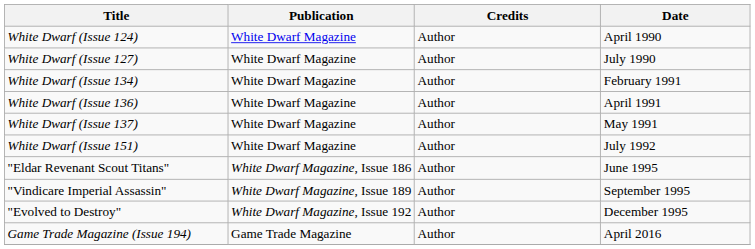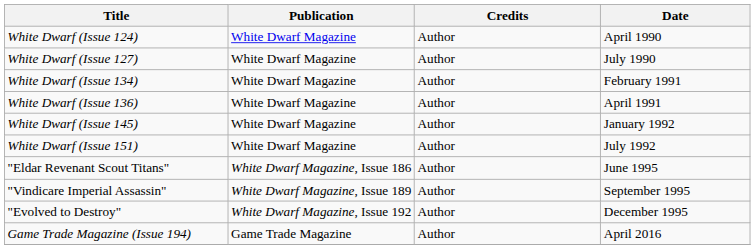 <table class="wikitable sortable" style="margins:auto; width=95%; font-size: 95%;">
 <tr>
 <th width="30%">Title</th>
 <th width="25%">Publication</th>
 <th width="25%">Credits</th>
 <th width="20%">Date</th>
 </tr>
 <tr>
 <td><em>White Dwarf (Issue 124)</em></td>
 <td><a href='#'>White Dwarf Magazine</a></td>
 <td>Author</td>
 <td>April 1990</td>
 </tr>
 <tr>
 <td><em>White Dwarf (Issue 127)</em></td>
 <td>White Dwarf Magazine</td>
 <td>Author</td>
 <td>July 1990</td>
 </tr>
 <tr>
 <td><em>White Dwarf (Issue 134)</em></td>
 <td>White Dwarf Magazine</td>
 <td>Author</td>
 <td>February 1991</td>
 </tr>
 <tr>
 <td><em>White Dwarf (Issue 136)</em></td>
 <td>White Dwarf Magazine</td>
 <td>Author</td>
 <td>April 1991</td>
 </tr>
 <tr>
-<td><em>White Dwarf (Issue 137)</em></td>
+<td><em>White Dwarf (Issue 145)</em></td>
 <td>White Dwarf Magazine</td>
 <td>Author</td>
-<td>May 1991</td>
+<td>January 1992</td>
 </tr>
 <tr>
 <td><em>White Dwarf (Issue 151)</em></td>
 <td>White Dwarf Magazine</td>
 <td>Author</td>
 <td>July 1992</td>
 </tr>
 <tr>
 <td>"Eldar Revenant Scout Titans"</td>
 <td><em>White Dwarf Magazine</em>, Issue 186</td>
 <td>Author</td>
 <td>June 1995</td>
 </tr>
 <tr>
 <td>"Vindicare Imperial Assassin"</td>
 <td><em>White Dwarf Magazine</em>, Issue 189</td>
 <td>Author</td>
 <td>September 1995</td>
 </tr>
 <tr>
 <td>"Evolved to Destroy"</td>
 <td><em>White Dwarf Magazine</em>, Issue 192</td>
 <td>Author</td>
 <td>December 1995</td>
 </tr>
 <tr>
 <td><em>Game Trade Magazine (Issue 194)</em></td>
 <td>Game Trade Magazine</td>
 <td>Author</td>
 <td>April 2016</td>
 </tr>
 <tr>
 </tr>
 </table>
